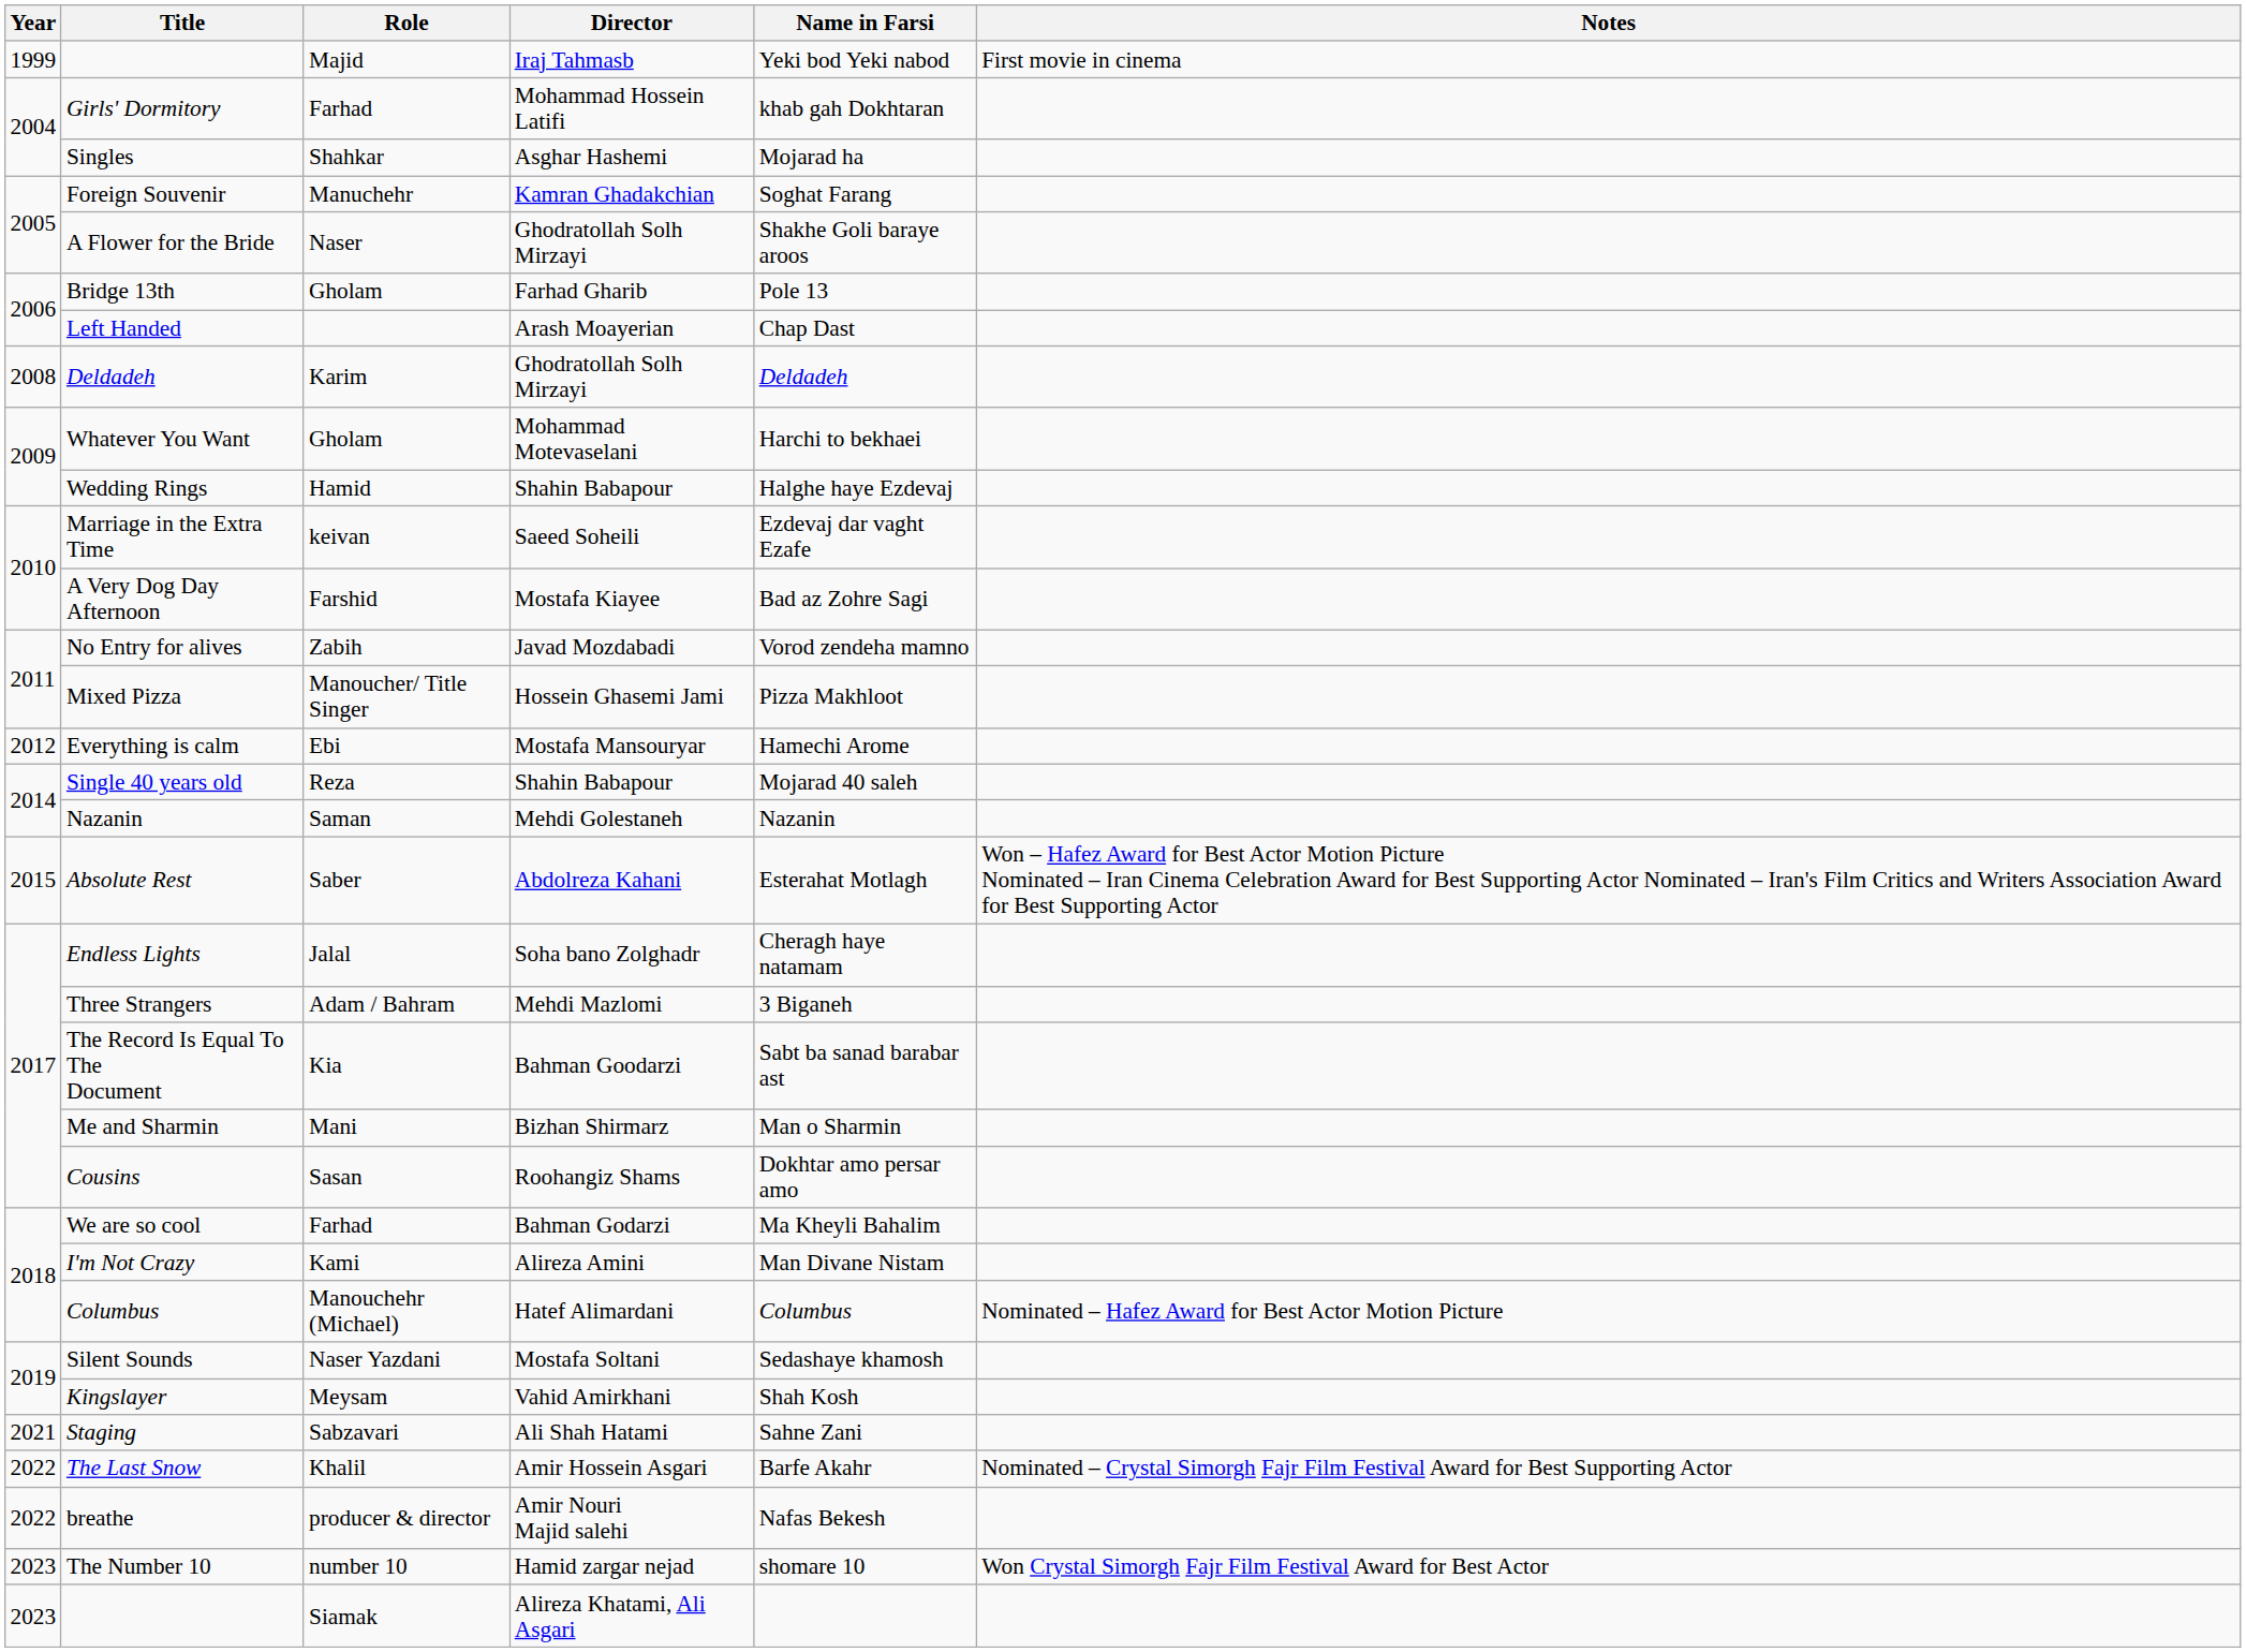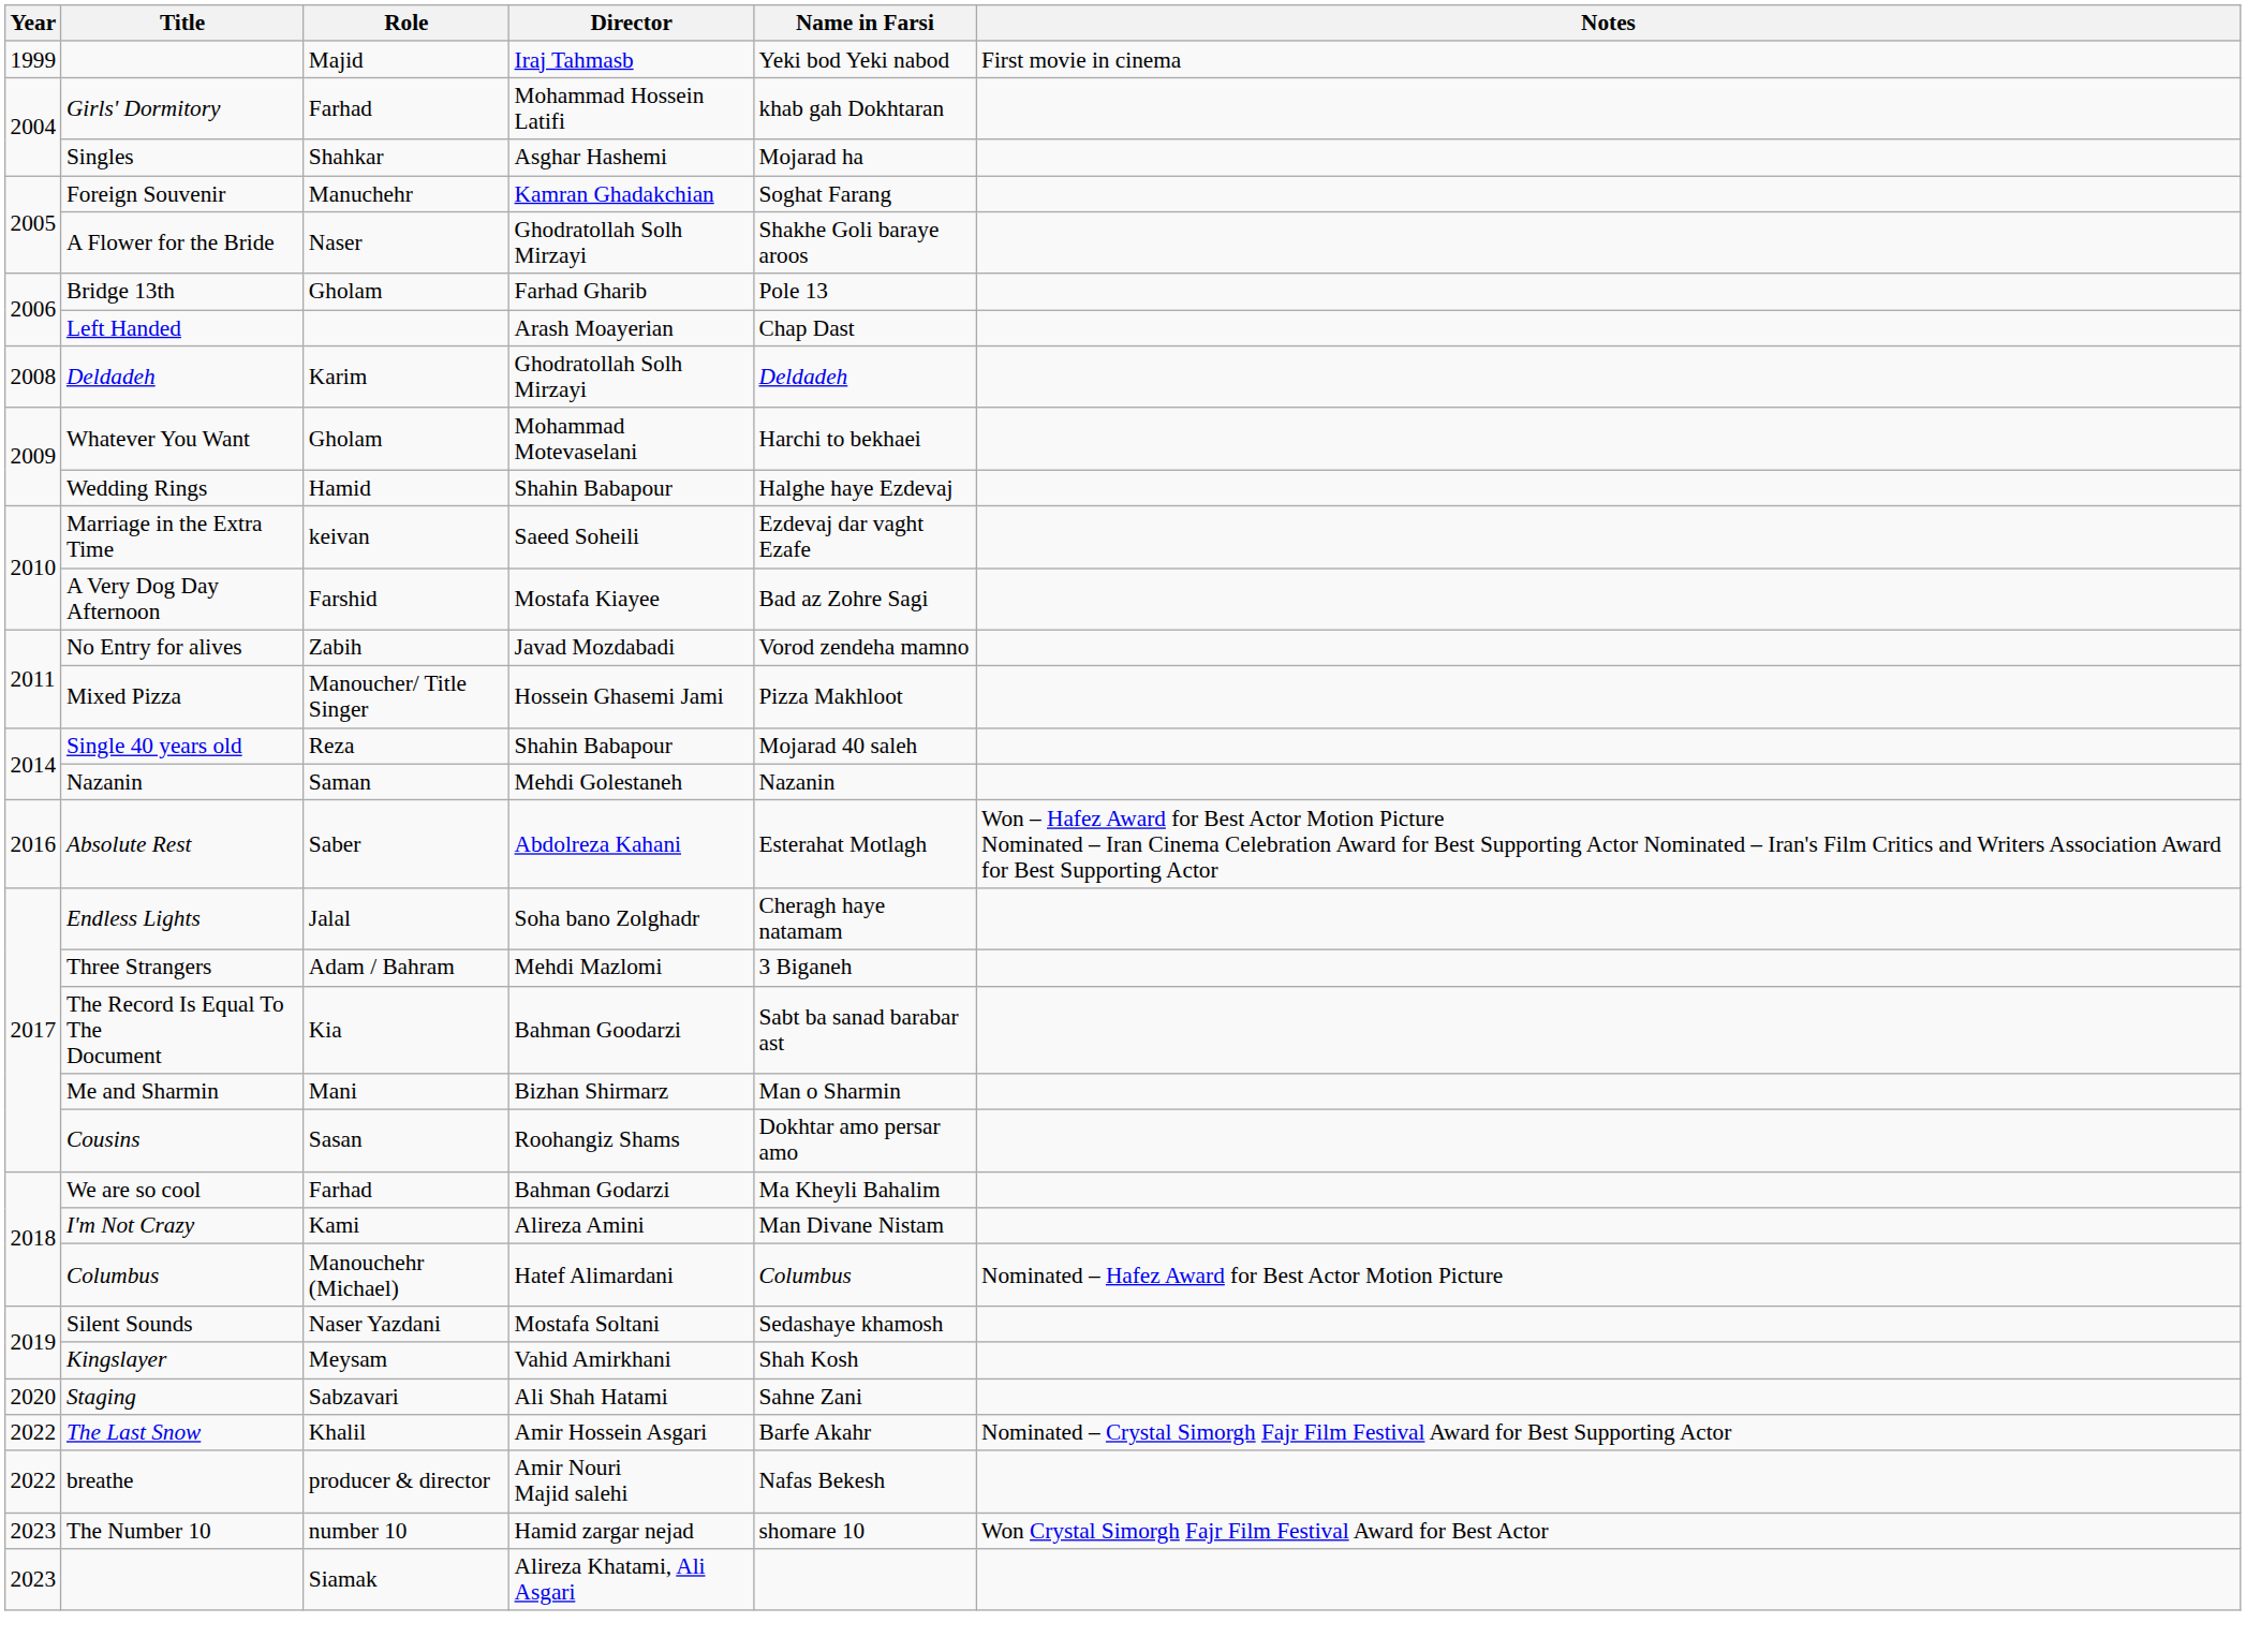 <table class="wikitable sortable">
 <tr>
 <th>Year</th>
 <th>Title</th>
 <th>Role</th>
 <th>Director</th>
 <th>Name in Farsi</th>
 <th>Notes</th>
 </tr>
 <tr>
 <td>1999</td>
 <td></td>
 <td>Majid</td>
 <td><a href='#'>Iraj Tahmasb</a></td>
 <td>Yeki bod Yeki nabod</td>
 <td>First movie in cinema</td>
 </tr>
 <tr>
 <td rowspan="2">2004</td>
 <td><em>Girls' Dormitory</em></td>
 <td>Farhad</td>
 <td>Mohammad Hossein Latifi</td>
 <td>khab gah Dokhtaran</td>
 <td></td>
 </tr>
 <tr>
 <td>Singles</td>
 <td>Shahkar</td>
 <td>Asghar Hashemi</td>
 <td>Mojarad ha</td>
 <td></td>
 </tr>
 <tr>
 <td rowspan="2">2005</td>
 <td>Foreign Souvenir</td>
 <td>Manuchehr</td>
 <td><a href='#'>Kamran Ghadakchian</a></td>
 <td>Soghat Farang</td>
 <td></td>
 </tr>
 <tr>
 <td>A Flower for the Bride</td>
 <td>Naser</td>
 <td>Ghodratollah Solh<br>Mirzayi</td>
 <td>Shakhe Goli baraye aroos</td>
 <td></td>
 </tr>
 <tr>
 <td rowspan="2">2006</td>
 <td>Bridge 13th</td>
 <td>Gholam</td>
 <td>Farhad Gharib</td>
 <td>Pole 13</td>
 <td></td>
 </tr>
 <tr>
 <td><a href='#'>Left Handed</a></td>
 <td></td>
 <td>Arash Moayerian</td>
 <td>Chap Dast</td>
 <td></td>
 </tr>
 <tr>
 <td>2008</td>
 <td><em><a href='#'>Deldadeh</a></em></td>
 <td>Karim</td>
 <td>Ghodratollah Solh Mirzayi</td>
 <td><em><a href='#'>Deldadeh</a></em></td>
 <td></td>
 </tr>
 <tr>
 <td rowspan="2">2009</td>
 <td>Whatever You Want</td>
 <td>Gholam</td>
 <td>Mohammad<br>Motevaselani</td>
 <td>Harchi to bekhaei</td>
 <td></td>
 </tr>
 <tr>
 <td>Wedding Rings</td>
 <td>Hamid</td>
 <td>Shahin Babapour</td>
 <td>Halghe haye Ezdevaj</td>
 <td></td>
 </tr>
 <tr>
 <td rowspan="2">2010</td>
 <td>Marriage in the Extra Time</td>
 <td>keivan</td>
 <td>Saeed Soheili</td>
 <td>Ezdevaj dar vaght Ezafe</td>
 <td></td>
 </tr>
 <tr>
 <td>A Very Dog Day Afternoon</td>
 <td>Farshid</td>
 <td>Mostafa Kiayee</td>
 <td>Bad az Zohre Sagi</td>
 <td></td>
 </tr>
 <tr>
 <td rowspan="2">2011</td>
 <td>No Entry for alives</td>
 <td>Zabih</td>
 <td>Javad Mozdabadi</td>
 <td>Vorod zendeha mamno</td>
 <td></td>
 </tr>
 <tr>
 <td>Mixed Pizza</td>
 <td>Manoucher/ Title<br>Singer</td>
 <td>Hossein Ghasemi Jami</td>
 <td>Pizza Makhloot</td>
 <td></td>
 </tr>
 <tr>
-<td>2012</td>
-<td>Everything is calm</td>
-<td>Ebi</td>
-<td>Mostafa Mansouryar</td>
-<td>Hamechi Arome</td>
-<td></td>
-</tr>
-<tr>
 <td rowspan="2">2014</td>
 <td><a href='#'>Single 40 years old</a></td>
 <td>Reza</td>
 <td>Shahin Babapour</td>
 <td>Mojarad 40 saleh</td>
 <td></td>
 </tr>
 <tr>
 <td>Nazanin</td>
 <td>Saman</td>
 <td>Mehdi Golestaneh</td>
 <td>Nazanin</td>
 <td></td>
 </tr>
 <tr>
-<td>2015</td>
+<td>2016</td>
 <td><em>Absolute Rest</em></td>
 <td>Saber</td>
 <td><a href='#'>Abdolreza Kahani</a></td>
 <td>Esterahat Motlagh</td>
 <td>Won – <a href='#'>Hafez Award</a> for Best Actor Motion Picture<br>Nominated – Iran Cinema Celebration Award for Best Supporting Actor Nominated – Iran's Film Critics and Writers Association Award for Best Supporting Actor</td>
 </tr>
 <tr>
 <td rowspan="5">2017</td>
 <td><em>Endless Lights</em></td>
 <td>Jalal</td>
 <td>Soha bano Zolghadr</td>
 <td>Cheragh haye natamam</td>
 <td></td>
 </tr>
 <tr>
 <td>Three Strangers</td>
 <td>Adam / Bahram</td>
 <td>Mehdi Mazlomi</td>
 <td>3 Biganeh</td>
 <td></td>
 </tr>
 <tr>
 <td>The Record Is Equal To The<br>Document</td>
 <td>Kia</td>
 <td>Bahman Goodarzi</td>
 <td>Sabt ba sanad barabar ast</td>
 <td></td>
 </tr>
 <tr>
 <td>Me and Sharmin</td>
 <td>Mani</td>
 <td>Bizhan Shirmarz</td>
 <td>Man o Sharmin</td>
 <td></td>
 </tr>
 <tr>
 <td><em>Cousins</em></td>
 <td>Sasan</td>
 <td>Roohangiz Shams</td>
 <td>Dokhtar amo persar amo</td>
 <td></td>
 </tr>
 <tr>
 <td rowspan="3">2018</td>
 <td>We are so cool</td>
 <td>Farhad</td>
 <td>Bahman Godarzi</td>
 <td>Ma Kheyli Bahalim</td>
 <td></td>
 </tr>
 <tr>
 <td><em>I'm Not Crazy</em></td>
 <td>Kami</td>
 <td>Alireza Amini</td>
 <td>Man Divane Nistam</td>
 <td></td>
 </tr>
 <tr>
 <td><em>Columbus</em></td>
 <td>Manouchehr (Michael)</td>
 <td>Hatef Alimardani</td>
 <td><em>Columbus</em></td>
 <td>Nominated – <a href='#'>Hafez Award</a> for Best Actor Motion Picture</td>
 </tr>
 <tr>
 <td rowspan="2">2019</td>
 <td>Silent Sounds</td>
 <td>Naser Yazdani</td>
 <td>Mostafa Soltani</td>
 <td>Sedashaye khamosh</td>
 <td></td>
 </tr>
 <tr>
 <td><em>Kingslayer</em></td>
 <td>Meysam</td>
 <td>Vahid Amirkhani</td>
 <td>Shah Kosh</td>
 <td></td>
 </tr>
 <tr>
-<td>2021</td>
+<td>2020</td>
 <td><em>Staging</em></td>
 <td>Sabzavari</td>
 <td>Ali Shah Hatami</td>
 <td>Sahne Zani</td>
 <td></td>
 </tr>
 <tr>
 <td>2022</td>
 <td><em><a href='#'>The Last Snow</a></em></td>
 <td>Khalil</td>
 <td>Amir Hossein Asgari</td>
 <td>Barfe Akahr</td>
 <td>Nominated – <a href='#'>Crystal Simorgh</a> <a href='#'>Fajr Film Festival</a> Award for Best Supporting Actor</td>
 </tr>
 <tr>
 <td>2022</td>
 <td>breathe</td>
 <td>producer & director</td>
 <td>Amir Nouri<br>Majid salehi</td>
 <td>Nafas Bekesh</td>
 <td><br></td>
 </tr>
 <tr>
 <td>2023</td>
 <td>The Number 10</td>
 <td>number 10</td>
 <td>Hamid zargar nejad</td>
 <td>shomare 10</td>
 <td>Won <a href='#'>Crystal Simorgh</a> <a href='#'>Fajr Film Festival</a> Award for Best Actor</td>
 </tr>
 <tr>
 <td>2023</td>
 <td></td>
 <td>Siamak</td>
 <td>Alireza Khatami, <a href='#'>Ali Asgari</a></td>
 <td></td>
 <td></td>
 </tr>
 </table>
